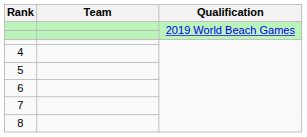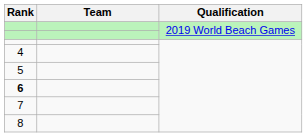 <table class="wikitable">
 <tr>
 <th>Rank</th>
 <th width=170>Team</th>
 <th width=200>Qualification</th>
 </tr>
 <tr bgcolor="#bbf3bb">
 <td align=center></td>
 <td></td>
 <td rowspan=2 align=center><a href='#'>2019 World Beach Games</a></td>
 </tr>
 <tr bgcolor="#bbf3bb">
 <td align=center></td>
 <td></td>
 </tr>
 <tr>
 <td align=center></td>
 <td></td>
 <td rowspan=11></td>
 </tr>
 <tr>
 <td align=center>4</td>
 <td></td>
 </tr>
 <tr>
 <td align=center>5</td>
 <td></td>
 </tr>
 <tr>
-<td align=center>6</td>
+<td align=center><strong>6</strong></td>
 <td></td>
 </tr>
 <tr>
 <td align=center>7</td>
 <td></td>
 </tr>
 <tr>
 <td align=center>8</td>
 <td></td>
 </tr>
 </table>
